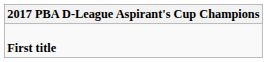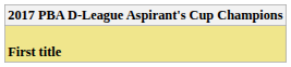 <table class="wikitable" "text-align:center" "margin-left: auto; margin-right: auto; border: none;">
 <tr>
 <th>2017 PBA D-League Aspirant's Cup Champions</th>
 </tr>
 <tr>
-<td><strong></strong><br> <strong>First title</strong></td>
+<td style="background: khaki;"><strong></strong><br> <strong>First title</strong></td>
 </tr>
 </table>
